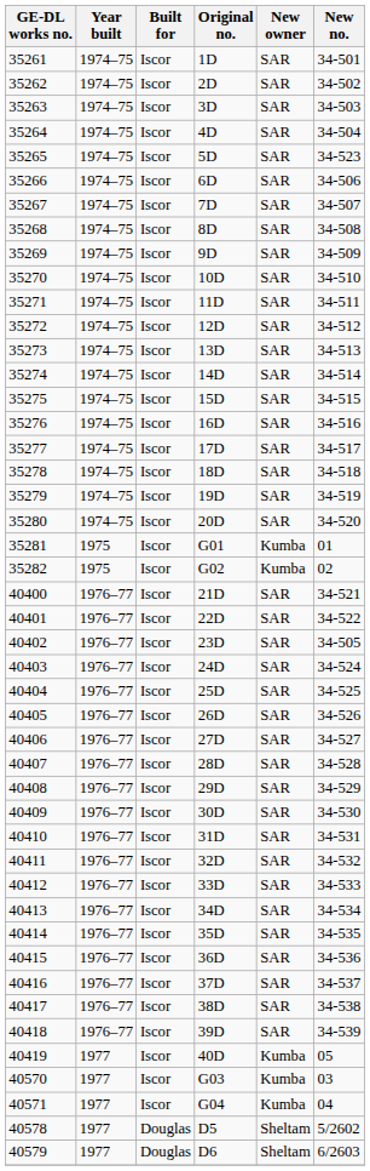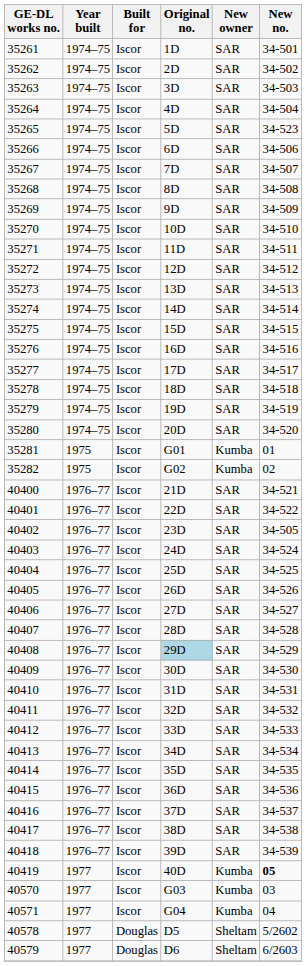 <table class="wikitable collapsible sortable collapsed" align="center">
 <tr>
 <th>GE-DL<br>works no.</th>
 <th>Year<br>built</th>
 <th>Built<br>for</th>
 <th>Original<br>no.</th>
 <th>New<br>owner</th>
 <th>New<br>no.</th>
 </tr>
 <tr>
 <td>35261</td>
 <td>1974–75</td>
 <td>Iscor</td>
 <td>1D</td>
 <td>SAR</td>
 <td>34-501</td>
 </tr>
 <tr>
 <td>35262</td>
 <td>1974–75</td>
 <td>Iscor</td>
 <td>2D</td>
 <td>SAR</td>
 <td>34-502</td>
 </tr>
 <tr>
 <td>35263</td>
 <td>1974–75</td>
 <td>Iscor</td>
 <td>3D</td>
 <td>SAR</td>
 <td>34-503</td>
 </tr>
 <tr>
 <td>35264</td>
 <td>1974–75</td>
 <td>Iscor</td>
 <td>4D</td>
 <td>SAR</td>
 <td>34-504</td>
 </tr>
 <tr>
 <td>35265</td>
 <td>1974–75</td>
 <td>Iscor</td>
 <td>5D</td>
 <td>SAR</td>
 <td>34-523</td>
 </tr>
 <tr>
 <td>35266</td>
 <td>1974–75</td>
 <td>Iscor</td>
 <td>6D</td>
 <td>SAR</td>
 <td>34-506</td>
 </tr>
 <tr>
 <td>35267</td>
 <td>1974–75</td>
 <td>Iscor</td>
 <td>7D</td>
 <td>SAR</td>
 <td>34-507</td>
 </tr>
 <tr>
 <td>35268</td>
 <td>1974–75</td>
 <td>Iscor</td>
 <td>8D</td>
 <td>SAR</td>
 <td>34-508</td>
 </tr>
 <tr>
 <td>35269</td>
 <td>1974–75</td>
 <td>Iscor</td>
 <td>9D</td>
 <td>SAR</td>
 <td>34-509</td>
 </tr>
 <tr>
 <td>35270</td>
 <td>1974–75</td>
 <td>Iscor</td>
 <td>10D</td>
 <td>SAR</td>
 <td>34-510</td>
 </tr>
 <tr>
 <td>35271</td>
 <td>1974–75</td>
 <td>Iscor</td>
 <td>11D</td>
 <td>SAR</td>
 <td>34-511</td>
 </tr>
 <tr>
 <td>35272</td>
 <td>1974–75</td>
 <td>Iscor</td>
 <td>12D</td>
 <td>SAR</td>
 <td>34-512</td>
 </tr>
 <tr>
 <td>35273</td>
 <td>1974–75</td>
 <td>Iscor</td>
 <td>13D</td>
 <td>SAR</td>
 <td>34-513</td>
 </tr>
 <tr>
 <td>35274</td>
 <td>1974–75</td>
 <td>Iscor</td>
 <td>14D</td>
 <td>SAR</td>
 <td>34-514</td>
 </tr>
 <tr>
 <td>35275</td>
 <td>1974–75</td>
 <td>Iscor</td>
 <td>15D</td>
 <td>SAR</td>
 <td>34-515</td>
 </tr>
 <tr>
 <td>35276</td>
 <td>1974–75</td>
 <td>Iscor</td>
 <td>16D</td>
 <td>SAR</td>
 <td>34-516</td>
 </tr>
 <tr>
 <td>35277</td>
 <td>1974–75</td>
 <td>Iscor</td>
 <td>17D</td>
 <td>SAR</td>
 <td>34-517</td>
 </tr>
 <tr>
 <td>35278</td>
 <td>1974–75</td>
 <td>Iscor</td>
 <td>18D</td>
 <td>SAR</td>
 <td>34-518</td>
 </tr>
 <tr>
 <td>35279</td>
 <td>1974–75</td>
 <td>Iscor</td>
 <td>19D</td>
 <td>SAR</td>
 <td>34-519</td>
 </tr>
 <tr>
 <td>35280</td>
 <td>1974–75</td>
 <td>Iscor</td>
 <td>20D</td>
 <td>SAR</td>
 <td>34-520</td>
 </tr>
 <tr>
 <td>35281</td>
 <td>1975</td>
 <td>Iscor</td>
 <td>G01</td>
 <td>Kumba</td>
 <td>01</td>
 </tr>
 <tr>
 <td>35282</td>
 <td>1975</td>
 <td>Iscor</td>
 <td>G02</td>
 <td>Kumba</td>
 <td>02</td>
 </tr>
 <tr>
 <td>40400</td>
 <td>1976–77</td>
 <td>Iscor</td>
 <td>21D</td>
 <td>SAR</td>
 <td>34-521</td>
 </tr>
 <tr>
 <td>40401</td>
 <td>1976–77</td>
 <td>Iscor</td>
 <td>22D</td>
 <td>SAR</td>
 <td>34-522</td>
 </tr>
 <tr>
 <td>40402</td>
 <td>1976–77</td>
 <td>Iscor</td>
 <td>23D</td>
 <td>SAR</td>
 <td>34-505</td>
 </tr>
 <tr>
 <td>40403</td>
 <td>1976–77</td>
 <td>Iscor</td>
 <td>24D</td>
 <td>SAR</td>
 <td>34-524</td>
 </tr>
 <tr>
 <td>40404</td>
 <td>1976–77</td>
 <td>Iscor</td>
 <td>25D</td>
 <td>SAR</td>
 <td>34-525</td>
 </tr>
 <tr>
 <td>40405</td>
 <td>1976–77</td>
 <td>Iscor</td>
 <td>26D</td>
 <td>SAR</td>
 <td>34-526</td>
 </tr>
 <tr>
 <td>40406</td>
 <td>1976–77</td>
 <td>Iscor</td>
 <td>27D</td>
 <td>SAR</td>
 <td>34-527</td>
 </tr>
 <tr>
 <td>40407</td>
 <td>1976–77</td>
 <td>Iscor</td>
 <td>28D</td>
 <td>SAR</td>
 <td>34-528</td>
 </tr>
 <tr>
 <td>40408</td>
 <td>1976–77</td>
 <td>Iscor</td>
-<td>29D</td>
+<td style="background: lightblue;">29D</td>
 <td>SAR</td>
 <td>34-529</td>
 </tr>
 <tr>
 <td>40409</td>
 <td>1976–77</td>
 <td>Iscor</td>
 <td>30D</td>
 <td>SAR</td>
 <td>34-530</td>
 </tr>
 <tr>
 <td>40410</td>
 <td>1976–77</td>
 <td>Iscor</td>
 <td>31D</td>
 <td>SAR</td>
 <td>34-531</td>
 </tr>
 <tr>
 <td>40411</td>
 <td>1976–77</td>
 <td>Iscor</td>
 <td>32D</td>
 <td>SAR</td>
 <td>34-532</td>
 </tr>
 <tr>
 <td>40412</td>
 <td>1976–77</td>
 <td>Iscor</td>
 <td>33D</td>
 <td>SAR</td>
 <td>34-533</td>
 </tr>
 <tr>
 <td>40413</td>
 <td>1976–77</td>
 <td>Iscor</td>
 <td>34D</td>
 <td>SAR</td>
 <td>34-534</td>
 </tr>
 <tr>
 <td>40414</td>
 <td>1976–77</td>
 <td>Iscor</td>
 <td>35D</td>
 <td>SAR</td>
 <td>34-535</td>
 </tr>
 <tr>
 <td>40415</td>
 <td>1976–77</td>
 <td>Iscor</td>
 <td>36D</td>
 <td>SAR</td>
 <td>34-536</td>
 </tr>
 <tr>
 <td>40416</td>
 <td>1976–77</td>
 <td>Iscor</td>
 <td>37D</td>
 <td>SAR</td>
 <td>34-537</td>
 </tr>
 <tr>
 <td>40417</td>
 <td>1976–77</td>
 <td>Iscor</td>
 <td>38D</td>
 <td>SAR</td>
 <td>34-538</td>
 </tr>
 <tr>
 <td>40418</td>
 <td>1976–77</td>
 <td>Iscor</td>
 <td>39D</td>
 <td>SAR</td>
 <td>34-539</td>
 </tr>
 <tr>
 <td>40419</td>
 <td>1977</td>
 <td>Iscor</td>
 <td>40D</td>
 <td>Kumba</td>
-<td>05</td>
+<td><strong>05</strong></td>
 </tr>
 <tr>
 <td>40570</td>
 <td>1977</td>
 <td>Iscor</td>
 <td>G03</td>
 <td>Kumba</td>
 <td>03</td>
 </tr>
 <tr>
 <td>40571</td>
 <td>1977</td>
 <td>Iscor</td>
 <td>G04</td>
 <td>Kumba</td>
 <td>04</td>
 </tr>
 <tr>
 <td>40578</td>
 <td>1977</td>
 <td>Douglas</td>
 <td>D5</td>
 <td>Sheltam</td>
 <td>5/2602</td>
 </tr>
 <tr>
 <td>40579</td>
 <td>1977</td>
 <td>Douglas</td>
 <td>D6</td>
 <td>Sheltam</td>
 <td>6/2603</td>
 </tr>
 <tr>
 </tr>
 </table>
